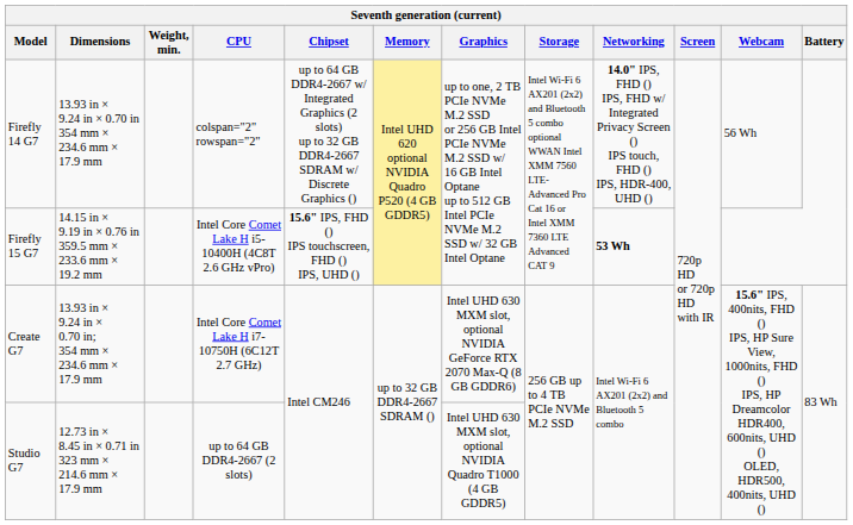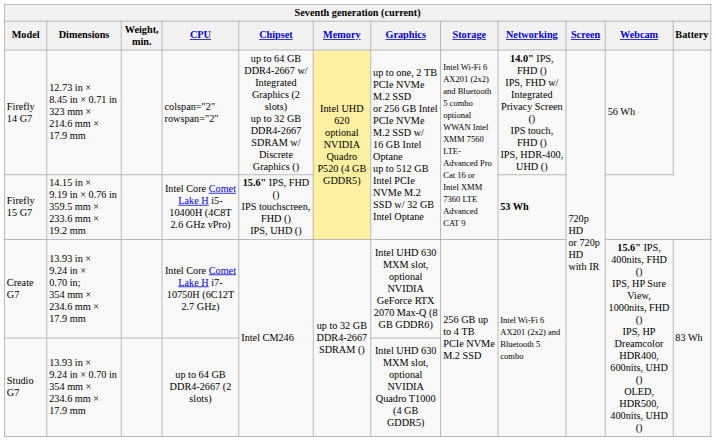 <table class="wikitable" style="font-size: 80%; width: 100%;">
 <tr>
 <th colspan="13">Seventh generation (current)</th>
 </tr>
 <tr>
 <th width="6%">Model</th>
 <th>Dimensions</th>
 <th>Weight, min.</th>
 <th><a href='#'>CPU</a></th>
 <th><a href='#'>Chipset</a></th>
 <th><a href='#'>Memory</a></th>
 <th><a href='#'>Graphics</a></th>
 <th><a href='#'>Storage</a></th>
 <th><a href='#'>Networking</a></th>
 <th><a href='#'>Screen</a></th>
 <th><a href='#'>Webcam</a></th>
 <th>Battery</th>
 </tr>
 <tr>
 <td>Firefly 14 G7 </td>
-<td>13.93 in × 9.24 in × 0.70 in<br> 354 mm × 234.6 mm × 17.9 mm</td>
+<td>12.73 in × 8.45 in × 0.71 in<br> 323 mm × 214.6 mm × 17.9 mm</td>
 <td></td>
 <td>colspan="2" rowspan="2" </td>
 <td rowspan="1" style="text-align:center;background:">up to 64 GB DDR4-2667  w/ Integrated Graphics (2 slots)<br>up to 32 GB DDR4-2667  SDRAM w/ Discrete Graphics ()</td>
 <td rowspan="2" style="text-align:center;background:#fdf1a1;">Intel UHD 620<br>optional NVIDIA Quadro P520 (4 GB GDDR5)</td>
 <td rowspan="2">up to one, 2 TB PCIe NVMe M.2 SSD<br><span>or 256 GB Intel PCIe NVMe M.2 SSD w/ 16 GB Intel Optane<br> up to 512 GB Intel PCIe NVMe M.2 SSD w/ 32 GB Intel Optane</span></td>
 <td rowspan="2"><small>Intel Wi-Fi 6 AX201 (2x2) and Bluetooth 5 combo<br><span>optional WWAN Intel XMM 7560 LTE-Advanced Pro Cat 16 or<br> Intel XMM 7360 LTE Advanced CAT 9</span></small></td>
 <td style="text-align:center;background:"><strong>14.0"</strong> IPS, FHD ()<br> IPS, FHD w/ Integrated Privacy Screen ()<br> IPS touch, FHD ()<br> IPS,  HDR-400, UHD ()</td>
 <td rowspan="4">720p HD<br><span>or 720p HD with IR</span></td>
 <td>56 Wh</td>
 </tr>
 <tr>
 <td>Firefly 15 G7 </td>
 <td>14.15 in × 9.19 in × 0.76 in<br> 359.5 mm × 233.6 mm × 19.2 mm</td>
 <td></td>
 <td style="text-align:center;background:">Intel Core <a href='#'>Comet Lake H</a> i5-10400H (4C8T 2.6 GHz vPro)<br></td>
 <td style="text-align:center;background:"><strong>15.6"</strong> IPS, FHD ()<br> IPS touchscreen, FHD ()<br>IPS, UHD ()</td>
 <td><strong>53 Wh</strong></td>
 </tr>
 <tr>
 <td>Create G7 </td>
 <td>13.93 in × 9.24 in × 0.70 in;  354 mm × 234.6 mm × 17.9 mm</td>
 <td></td>
 <td style="text-align:center;background:">Intel Core <a href='#'>Comet Lake H</a> i7-10750H (6C12T 2.7 GHz)<br></td>
 <td rowspan="2">Intel CM246</td>
 <td rowspan="2" style="text-align:center;background:">up to 32 GB DDR4-2667  SDRAM ()</td>
 <td style="text-align:center;background:">Intel UHD 630<br>MXM slot, optional NVIDIA GeForce RTX 2070 Max-Q (8 GB GDDR6)<br></td>
 <td rowspan="2">256 GB up to 4 TB PCIe NVMe M.2 SSD</td>
 <td rowspan="2"><small>Intel Wi-Fi 6 AX201 (2x2) and Bluetooth 5 combo</small></td>
 <td rowspan="2" style="text-align:center;background:"><strong>15.6"</strong> IPS, 400nits, FHD ()<br> IPS, HP Sure View, 1000nits, FHD ()<br> IPS, HP Dreamcolor HDR400, 600nits, UHD ()<br> OLED, HDR500, 400nits, UHD ()</td>
 <td rowspan="2">83 Wh</td>
 </tr>
 <tr>
 <td>Studio G7 </td>
-<td>12.73 in × 8.45 in × 0.71 in<br> 323 mm × 214.6 mm × 17.9 mm</td>
+<td>13.93 in × 9.24 in × 0.70 in<br> 354 mm × 234.6 mm × 17.9 mm</td>
 <td></td>
 <td rowspan="1" style="text-align:center;background:">up to 64 GB DDR4-2667  (2 slots)</td>
 <td style="text-align:center;background:">Intel UHD 630<br>MXM slot, optional NVIDIA Quadro T1000 (4 GB GDDR5)<br></td>
 </tr>
 </table>
